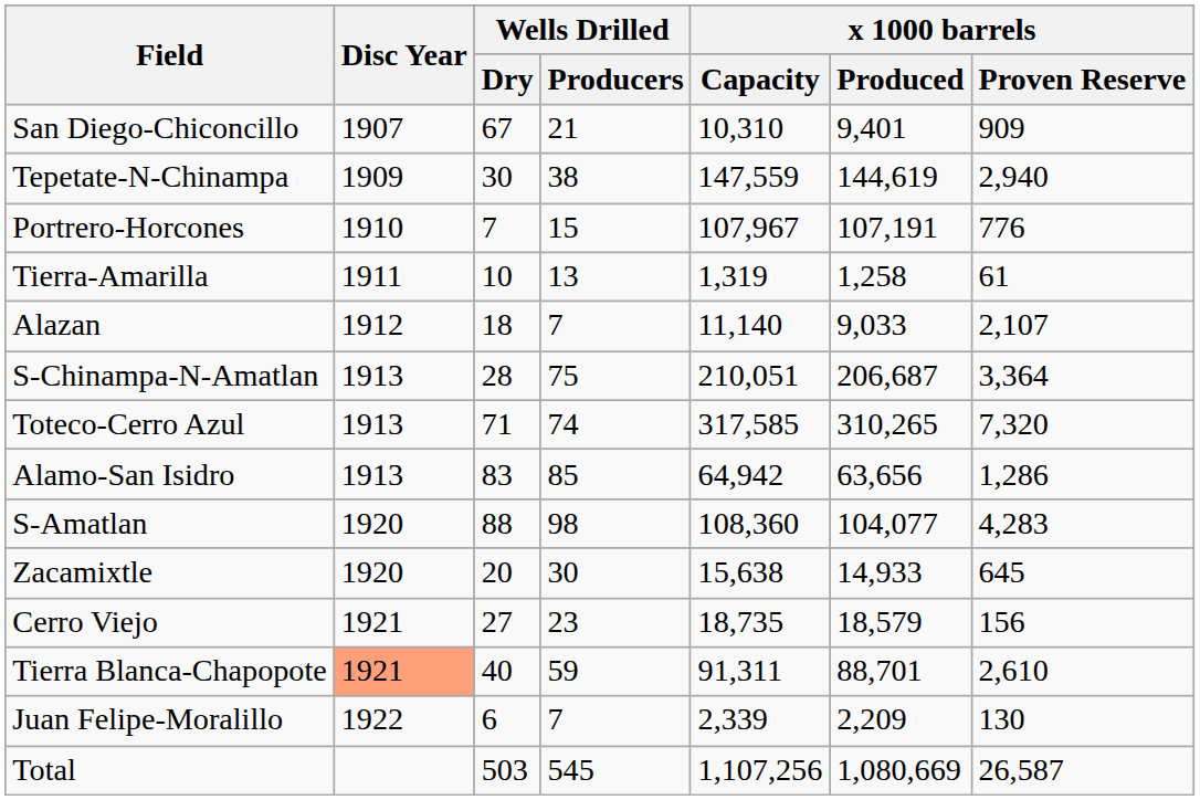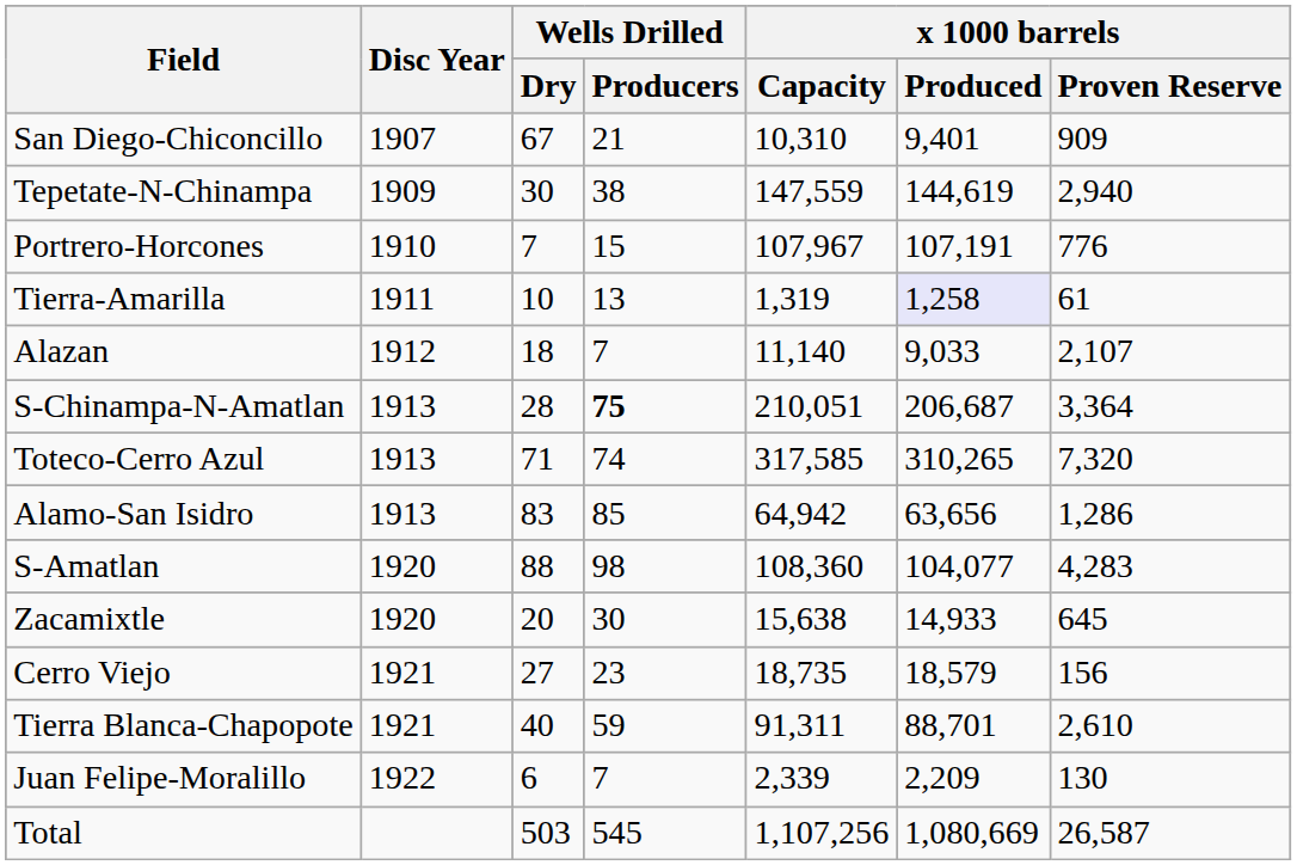 <table class="wikitable defaultright">
 <tr>
 <th rowspan=2>Field</th>
 <th rowspan=2>Disc Year</th>
 <th colspan=2>Wells Drilled</th>
 <th colspan=3>x 1000 barrels</th>
 </tr>
 <tr>
 <th>Dry</th>
 <th>Producers</th>
 <th>Capacity</th>
 <th>Produced</th>
 <th>Proven Reserve</th>
 </tr>
 <tr>
 <td>San Diego-Chiconcillo</td>
 <td>1907</td>
 <td>67</td>
 <td>21</td>
 <td>10,310</td>
 <td>9,401</td>
 <td>909</td>
 </tr>
 <tr>
 <td>Tepetate-N-Chinampa</td>
 <td>1909</td>
 <td>30</td>
 <td>38</td>
 <td>147,559</td>
 <td>144,619</td>
 <td>2,940</td>
 </tr>
 <tr>
 <td>Portrero-Horcones</td>
 <td>1910</td>
 <td>7</td>
 <td>15</td>
 <td>107,967</td>
 <td>107,191</td>
 <td>776</td>
 </tr>
 <tr>
 <td>Tierra-Amarilla</td>
 <td>1911</td>
 <td>10</td>
 <td>13</td>
 <td>1,319</td>
-<td>1,258</td>
+<td style="background: lavender;">1,258</td>
 <td>61</td>
 </tr>
 <tr>
 <td>Alazan</td>
 <td>1912</td>
 <td>18</td>
 <td>7</td>
 <td>11,140</td>
 <td>9,033</td>
 <td>2,107</td>
 </tr>
 <tr>
 <td>S-Chinampa-N-Amatlan</td>
 <td>1913</td>
 <td>28</td>
-<td>75</td>
+<td><strong>75</strong></td>
 <td>210,051</td>
 <td>206,687</td>
 <td>3,364</td>
 </tr>
 <tr>
 <td>Toteco-Cerro Azul</td>
 <td>1913</td>
 <td>71</td>
 <td>74</td>
 <td>317,585</td>
 <td>310,265</td>
 <td>7,320</td>
 </tr>
 <tr>
 <td>Alamo-San Isidro</td>
 <td>1913</td>
 <td>83</td>
 <td>85</td>
 <td>64,942</td>
 <td>63,656</td>
 <td>1,286</td>
 </tr>
 <tr>
 <td>S-Amatlan</td>
 <td>1920</td>
 <td>88</td>
 <td>98</td>
 <td>108,360</td>
 <td>104,077</td>
 <td>4,283</td>
 </tr>
 <tr>
 <td>Zacamixtle</td>
 <td>1920</td>
 <td>20</td>
 <td>30</td>
 <td>15,638</td>
 <td>14,933</td>
 <td>645</td>
 </tr>
 <tr>
 <td>Cerro Viejo</td>
 <td>1921</td>
 <td>27</td>
 <td>23</td>
 <td>18,735</td>
 <td>18,579</td>
 <td>156</td>
 </tr>
 <tr>
 <td>Tierra Blanca-Chapopote</td>
-<td style="background: lightsalmon;">1921</td>
+<td>1921</td>
 <td>40</td>
 <td>59</td>
 <td>91,311</td>
 <td>88,701</td>
 <td>2,610</td>
 </tr>
 <tr>
 <td>Juan Felipe-Moralillo</td>
 <td>1922</td>
 <td>6</td>
 <td>7</td>
 <td>2,339</td>
 <td>2,209</td>
 <td>130</td>
 </tr>
 <tr>
 <td>Total</td>
 <td></td>
 <td>503</td>
 <td>545</td>
 <td>1,107,256</td>
 <td>1,080,669</td>
 <td>26,587</td>
 </tr>
 </table>
